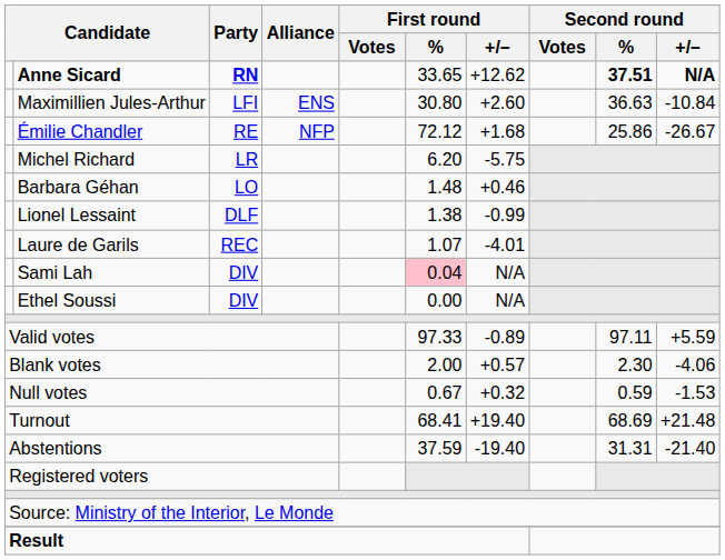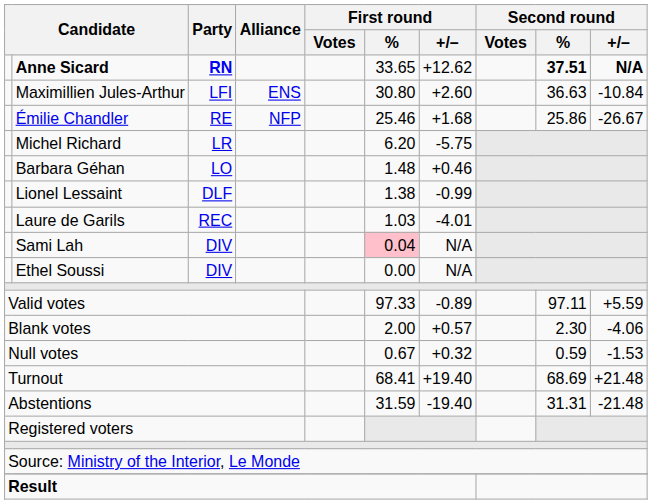 <table class="wikitable" style="text-align:right;font-size:95%;">
 <tr>
 <th rowspan="2" colspan="2">Candidate</th>
 <th rowspan="2">Party</th>
 <th rowspan="2">Alliance</th>
 <th colspan="3">First round</th>
 <th colspan="3">Second round</th>
 </tr>
 <tr>
 <th style="width:50px;">Votes</th>
 <th style="width:45px;">%</th>
 <th style="width:45px;">+/–</th>
 <th style="width:50px;">Votes</th>
 <th style="width:45px;">%</th>
 <th style="width:45px;">+/–</th>
 </tr>
 <tr>
 <td style="color:inherit;background:"></td>
 <td style="text-align:left;"><strong>Anne Sicard</strong></td>
 <td><a href='#'><strong>RN</strong></a></td>
 <td></td>
 <td></td>
 <td>33.65</td>
 <td>+12.62</td>
 <td><strong></strong></td>
 <td><strong>37.51</strong></td>
 <td><strong>N/A</strong></td>
 </tr>
 <tr>
 <td style="color:inherit;background:"></td>
 <td style="text-align:left;">Maximillien Jules-Arthur</td>
 <td><a href='#'>LFI</a></td>
 <td><a href='#'>ENS</a></td>
 <td></td>
 <td>30.80</td>
 <td>+2.60</td>
 <td></td>
 <td>36.63</td>
 <td>-10.84</td>
 </tr>
 <tr>
 <td style="color:inherit;background:"></td>
 <td style="text-align:left;"><a href='#'>Émilie Chandler</a></td>
 <td><a href='#'>RE</a></td>
 <td><a href='#'>NFP</a></td>
 <td></td>
-<td>72.12</td>
+<td>25.46</td>
 <td>+1.68</td>
 <td></td>
 <td>25.86</td>
 <td>-26.67</td>
 </tr>
 <tr>
 <td style="color:inherit;background:"></td>
 <td style="text-align:left;">Michel Richard</td>
 <td><a href='#'>LR</a></td>
 <td></td>
 <td></td>
 <td>6.20</td>
 <td>-5.75</td>
 <td colspan="3" style="background:#E9E9E9;"></td>
 </tr>
 <tr>
 <td style="color:inherit;background:"></td>
 <td style="text-align:left;">Barbara Géhan</td>
 <td><a href='#'>LO</a></td>
 <td></td>
 <td></td>
 <td>1.48</td>
 <td>+0.46</td>
 <td colspan="3" style="background:#E9E9E9;"></td>
 </tr>
 <tr>
 <td style="color:inherit;background:"></td>
 <td style="text-align:left;">Lionel Lessaint</td>
 <td><a href='#'>DLF</a></td>
 <td></td>
 <td></td>
 <td>1.38</td>
 <td>-0.99</td>
 <td colspan="3" style="background:#E9E9E9;"></td>
 </tr>
 <tr>
 <td style="color:inherit;background:"></td>
 <td style="text-align:left;">Laure de Garils</td>
 <td><a href='#'>REC</a></td>
 <td></td>
 <td></td>
-<td>1.07</td>
+<td>1.03</td>
 <td>-4.01</td>
 <td colspan="3" style="background:#E9E9E9;"></td>
 </tr>
 <tr>
 <td style="color:inherit;background:"></td>
 <td style="text-align:left;">Sami Lah</td>
 <td><a href='#'>DIV</a></td>
 <td></td>
 <td></td>
 <td style="background: pink;">0.04</td>
 <td>N/A</td>
 <td colspan="3" style="background:#E9E9E9;"></td>
 </tr>
 <tr>
 <td style="color:inherit;background:"></td>
 <td style="text-align:left;">Ethel Soussi</td>
 <td><a href='#'>DIV</a></td>
 <td></td>
 <td></td>
 <td>0.00</td>
 <td>N/A</td>
 <td colspan="3" style="background:#E9E9E9;"></td>
 </tr>
 <tr>
 <td colspan="10" style="background:#E9E9E9;"></td>
 </tr>
 <tr>
 <td colspan="4" style="text-align:left;">Valid votes</td>
 <td></td>
 <td>97.33</td>
 <td>-0.89</td>
 <td></td>
 <td>97.11</td>
 <td>+5.59</td>
 </tr>
 <tr>
 <td colspan="4" style="text-align:left;">Blank votes</td>
 <td></td>
 <td>2.00</td>
 <td>+0.57</td>
 <td></td>
 <td>2.30</td>
 <td>-4.06</td>
 </tr>
 <tr>
 <td colspan="4" style="text-align:left;">Null votes</td>
 <td></td>
 <td>0.67</td>
 <td>+0.32</td>
 <td></td>
 <td>0.59</td>
 <td>-1.53</td>
 </tr>
 <tr>
 <td colspan="4" style="text-align:left;">Turnout</td>
 <td></td>
 <td>68.41</td>
 <td>+19.40</td>
 <td></td>
 <td>68.69</td>
 <td>+21.48</td>
 </tr>
 <tr>
 <td colspan="4" style="text-align:left;">Abstentions</td>
 <td></td>
-<td>37.59</td>
+<td>31.59</td>
 <td>-19.40</td>
 <td></td>
 <td>31.31</td>
-<td>-21.40</td>
+<td>-21.48</td>
 </tr>
 <tr>
 <td colspan="4" style="text-align:left;">Registered voters</td>
 <td></td>
 <td colspan="2" style="background:#E9E9E9;"></td>
 <td></td>
 <td colspan="2" style="background:#E9E9E9;"></td>
 </tr>
 <tr>
 <td colspan="10" style="background:#E9E9E9;"></td>
 </tr>
 <tr>
 <td colspan="10" style="text-align:left;">Source: <a href='#'>Ministry of the Interior</a>, <a href='#'>Le Monde</a></td>
 </tr>
 <tr>
 </tr>
 <tr style="font-weight:bold">
 <td colspan="7" style="text-align:left;">Result</td>
 <td colspan="7" style="background-color:"></td>
 </tr>
 </table>
